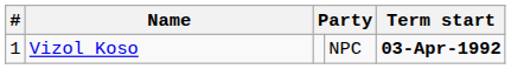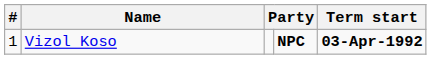 <table class="wikitable">
 <tr>
 <th>#</th>
 <th style="width:200px">Name</th>
 <th colspan="2">Party</th>
 <th>Term start</th>
 </tr>
 <tr>
 <td>1</td>
 <td><a href='#'>Vizol Koso</a></td>
 <td style="background-color:"></td>
-<td>NPC</td>
+<td><strong>NPC</strong></td>
 <td><strong>03-Apr-1992</strong></td>
 </tr>
 </table>
